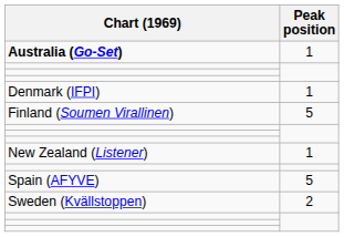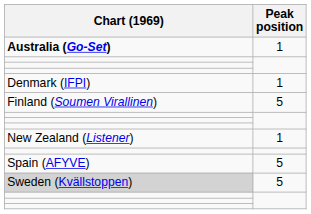 <table class="wikitable sortable">
 <tr>
 <th style="width:20em;">Chart (1969)</th>
 <th>Peak<br>position</th>
 </tr>
 <tr>
 <td><strong>Australia (<em><a href='#'>Go-Set</a></em>)</strong></td>
 <td style="text-align:center;">1</td>
 </tr>
 <tr>
 <td></td>
 </tr>
 <tr>
 <td></td>
 </tr>
 <tr>
 <td></td>
 </tr>
 <tr>
 <td>Denmark (<a href='#'>IFPI</a>)</td>
 <td align="center">1</td>
 </tr>
 <tr>
 <td align="left">Finland (<a href='#'><em>Soumen Virallinen</em></a>)</td>
 <td style="text-align:center;">5</td>
 </tr>
 <tr>
 <td></td>
 </tr>
 <tr>
 <td></td>
 </tr>
 <tr>
 <td></td>
 </tr>
 <tr>
 <td>New Zealand (<em><a href='#'>Listener</a></em>)</td>
 <td style="text-align:center;">1</td>
 </tr>
 <tr>
 <td></td>
 </tr>
 <tr>
 <td align="left">Spain (<a href='#'>AFYVE</a>)</td>
 <td align="center">5</td>
 </tr>
 <tr>
-<td>Sweden (<a href='#'>Kvällstoppen</a>)</td>
-<td align="center">2</td>
+<td style="background: lightgrey;">Sweden (<a href='#'>Kvällstoppen</a>)</td>
+<td align="center">5</td>
 </tr>
 <tr>
 <td></td>
 </tr>
 <tr>
 <td></td>
 </tr>
 <tr>
 <td></td>
 </tr>
 </table>
